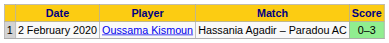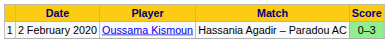 <table border="0" class="wikitable" style="text-align:center;font-size:95%">
 <tr>
 <th style="color:#000080; background:#FCCC12;"></th>
 <th style="color:#000080; background:#FCCC12;">Date</th>
 <th style="color:#000080; background:#FCCC12;">Player</th>
 <th style="color:#000080; background:#FCCC12;">Match</th>
 <th width="35" style="color:#000080; background:#FCCC12;">Score</th>
 </tr>
 <tr>
-<td align=left style="background: lightgrey;">1</td>
+<td align=left>1</td>
 <td align=left>2 February 2020</td>
 <td align=left><a href='#'>Oussama Kismoun</a></td>
 <td align=left>Hassania Agadir – Paradou AC</td>
 <td align=center style="background: lightgreen;">0–3</td>
 </tr>
 <tr>
 </tr>
 </table>
